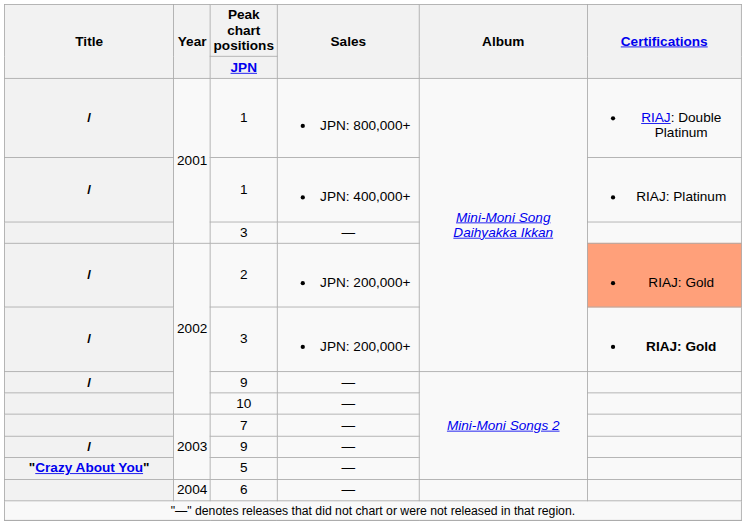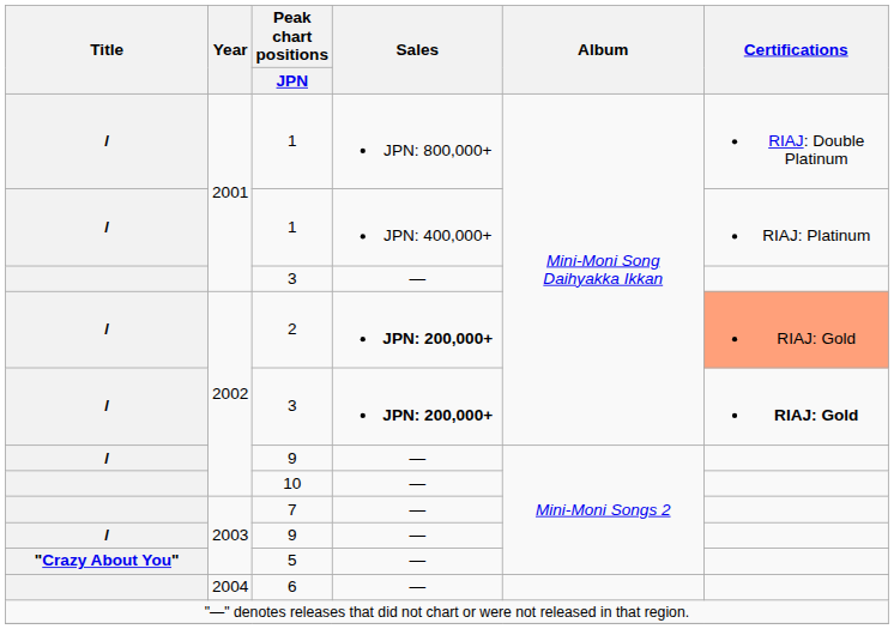 <table class="wikitable plainrowheaders" style="text-align:center;">
 <tr>
 <th rowspan="2" style="width:12em;">Title</th>
 <th rowspan="2">Year</th>
 <th colspan="1">Peak chart positions</th>
 <th rowspan="2" style="width:10em;">Sales</th>
 <th rowspan="2">Album</th>
 <th scope="col" rowspan="2"><a href='#'>Certifications</a></th>
 </tr>
 <tr>
 <th width="30"><a href='#'>JPN</a></th>
 </tr>
 <tr>
 <th scope="row"> / </th>
 <td rowspan="3">2001</td>
 <td>1</td>
 <td><br><ul><li>JPN: 800,000+</li></ul></td>
 <td rowspan="5"><em><a href='#'>Mini-Moni Song Daihyakka Ikkan</a></em></td>
 <td><br><ul><li><a href='#'>RIAJ</a>: Double Platinum</li></ul></td>
 </tr>
 <tr>
 <th scope="row"> / </th>
 <td>1</td>
 <td><br><ul><li>JPN: 400,000+</li></ul></td>
 <td><br><ul><li>RIAJ: Platinum</li></ul></td>
 </tr>
 <tr>
 <th scope="row"><br></th>
 <td>3</td>
 <td>—</td>
 <td></td>
 </tr>
 <tr>
 <th scope="row"> / </th>
 <td rowspan="4">2002</td>
 <td>2</td>
-<td><br><ul><li>JPN: 200,000+</li></ul></td>
+<td><strong><br><ul><li>JPN: 200,000+</li></ul></strong></td>
 <td style="background: lightsalmon;"><br><ul><li>RIAJ: Gold</li></ul></td>
 </tr>
 <tr>
 <th scope="row"> / <br></th>
 <td>3</td>
-<td><br><ul><li>JPN: 200,000+</li></ul></td>
+<td><strong><br><ul><li>JPN: 200,000+</li></ul></strong></td>
 <td><strong><br><ul><li>RIAJ: Gold</li></ul></strong></td>
 </tr>
 <tr>
 <th scope="row"> / <br></th>
 <td>9</td>
 <td>—</td>
 <td rowspan="5"><em><a href='#'>Mini-Moni Songs 2</a></em></td>
 <td></td>
 </tr>
 <tr>
 <th scope="row"><br></th>
 <td>10</td>
 <td>—</td>
 <td></td>
 </tr>
 <tr>
 <th scope="row"></th>
 <td rowspan="3">2003</td>
 <td>7</td>
 <td>—</td>
 <td></td>
 </tr>
 <tr>
 <th scope="row"> / </th>
 <td>9</td>
 <td>—</td>
 <td></td>
 </tr>
 <tr>
 <th scope="row">"<a href='#'>Crazy About You</a>"</th>
 <td>5</td>
 <td>—</td>
 <td></td>
 </tr>
 <tr>
 <th scope="row"></th>
 <td>2004</td>
 <td>6</td>
 <td>—</td>
 <td></td>
 <td></td>
 </tr>
 <tr>
 <td colspan="6" style="font-size:90%;">"—" denotes releases that did not chart or were not released in that region.</td>
 </tr>
 <tr>
 </tr>
 </table>
